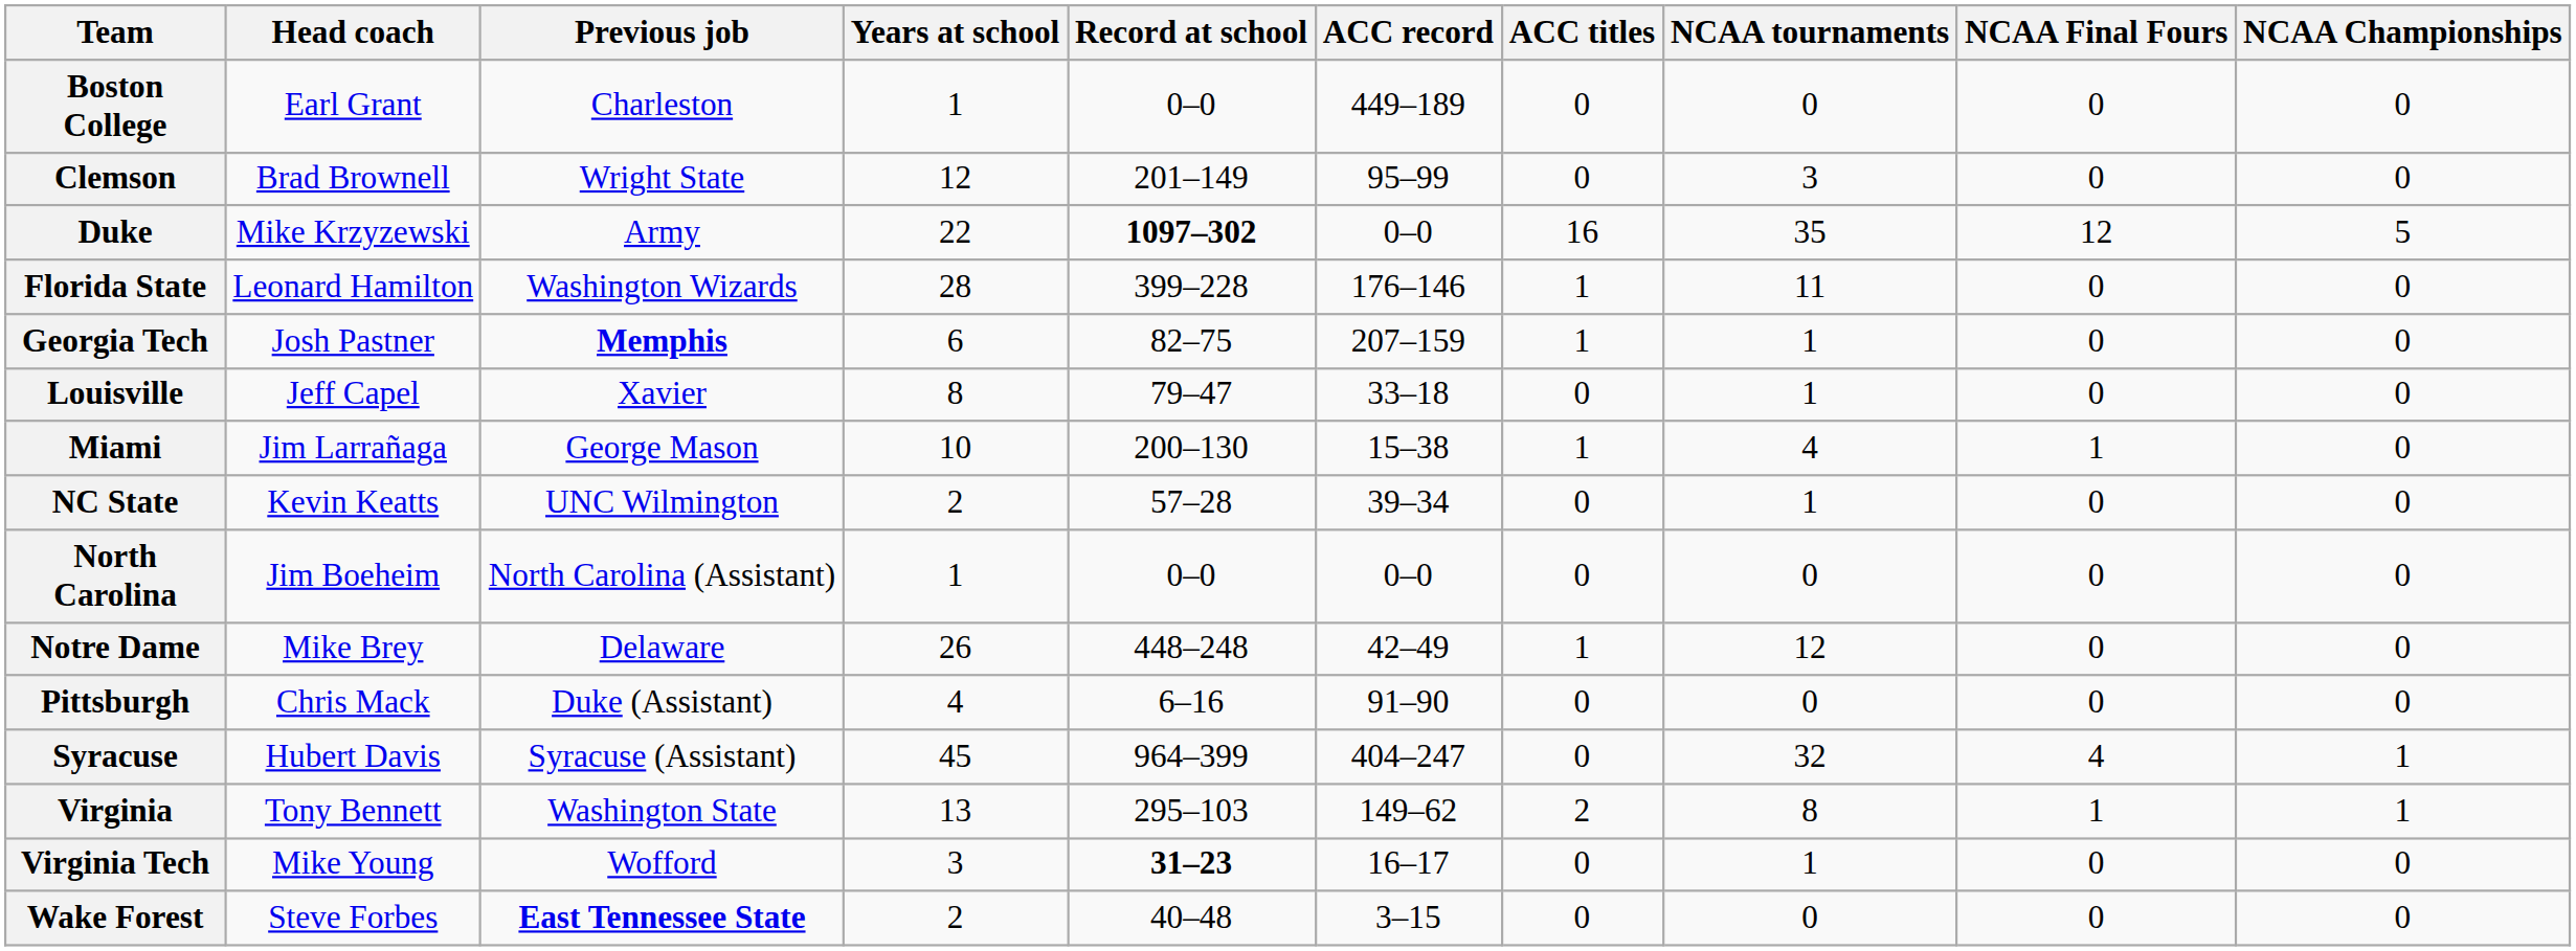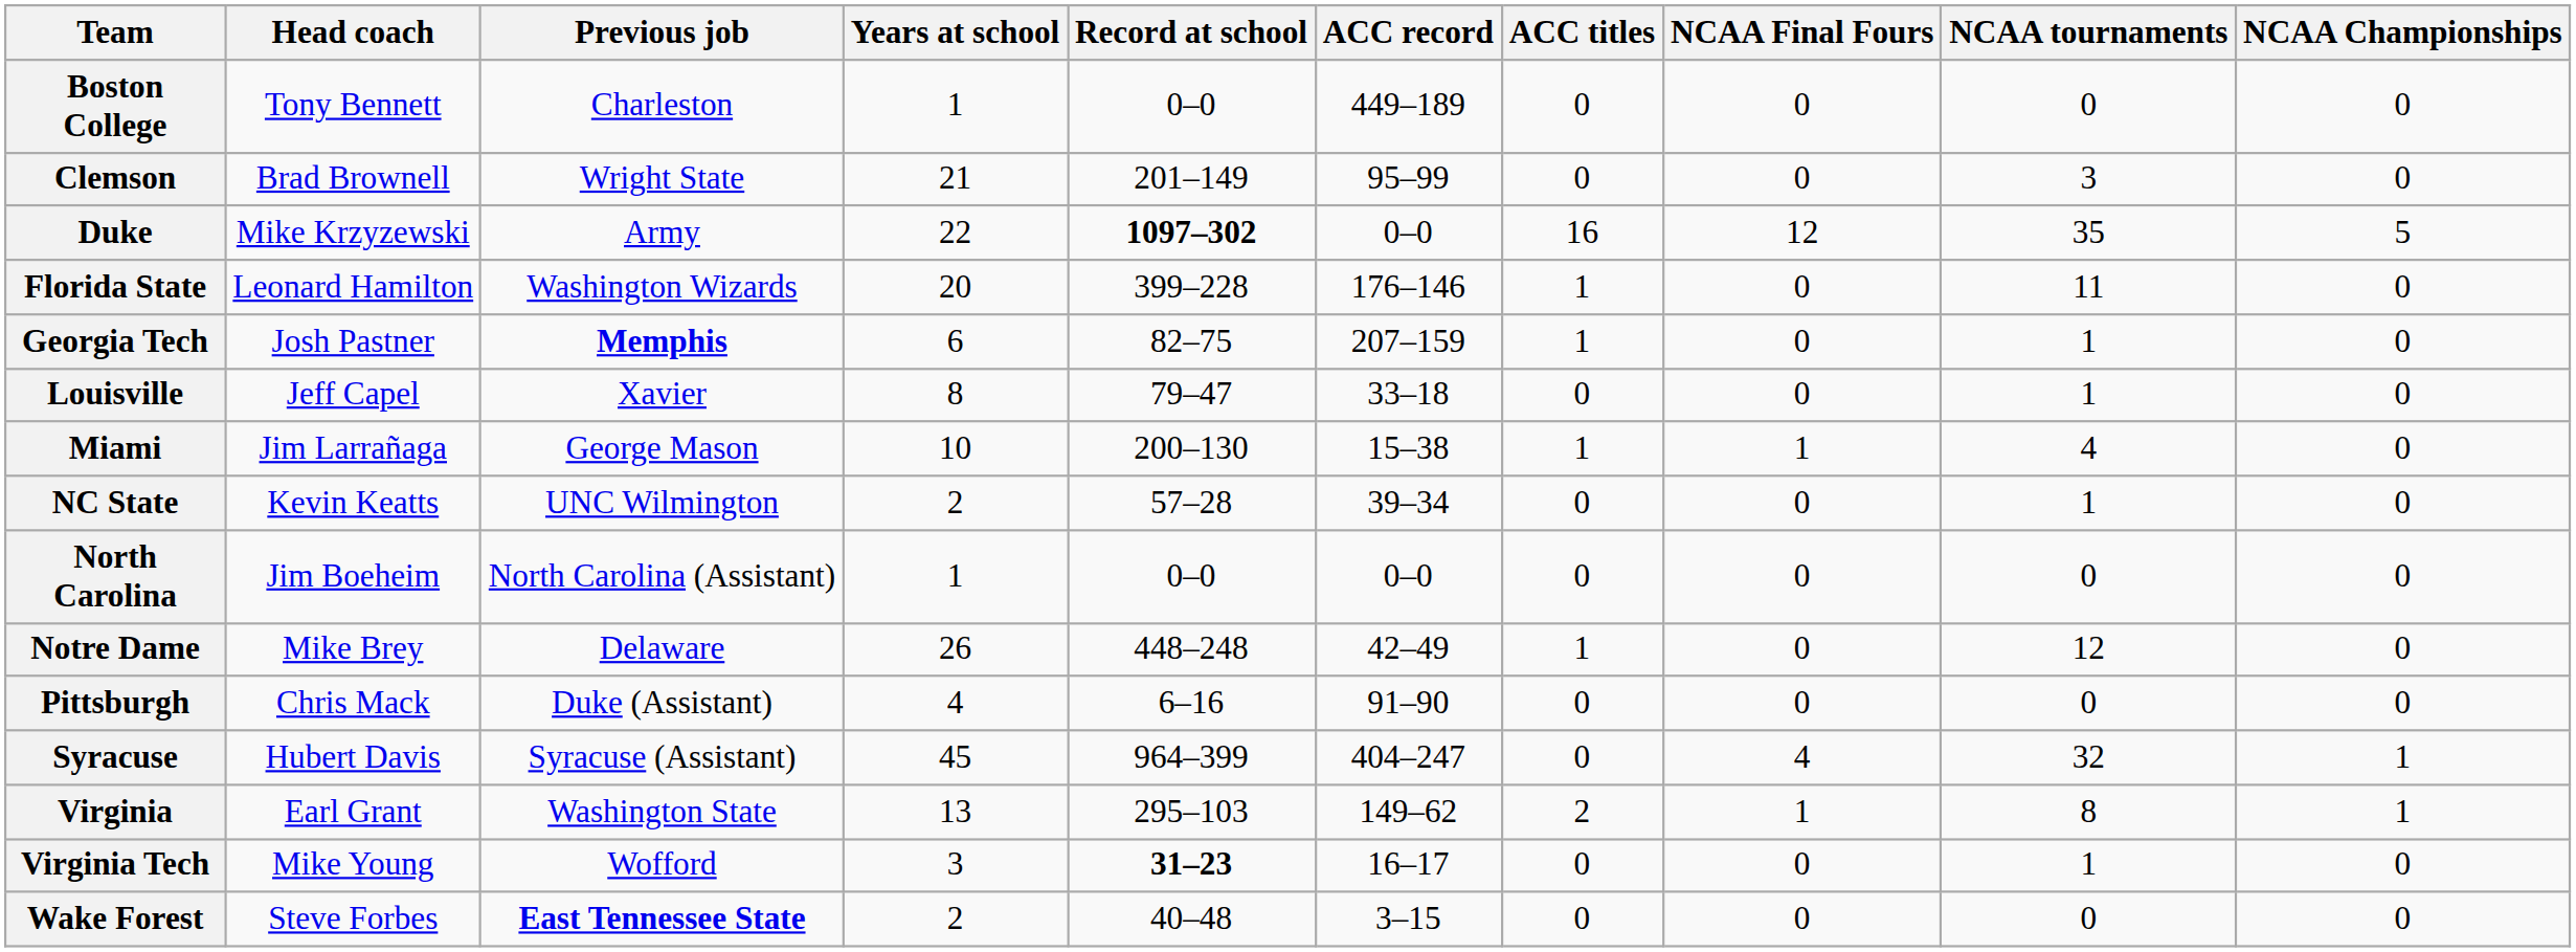 <table class="wikitable sortable" style="text-align: center;font-size:90%;">
 <tr>
 <th width="90">Team</th>
 <th>Head coach</th>
 <th>Previous job</th>
 <th>Years at school</th>
 <th>Record at school</th>
 <th>ACC record</th>
 <th>ACC titles</th>
+<th>NCAA Final Fours</th>
 <th>NCAA tournaments</th>
-<th>NCAA Final Fours</th>
 <th>NCAA Championships</th>
 </tr>
 <tr>
 <th style=>Boston College</th>
-<td><a href='#'>Earl Grant</a></td>
+<td><a href='#'>Tony Bennett</a></td>
 <td><a href='#'>Charleston</a></td>
 <td>1</td>
 <td>0–0</td>
 <td>449–189</td>
 <td>0</td>
 <td>0</td>
 <td>0</td>
 <td>0</td>
 </tr>
 <tr>
 <th>Clemson</th>
 <td><a href='#'>Brad Brownell</a></td>
 <td><a href='#'>Wright State</a></td>
-<td>12</td>
+<td>21</td>
 <td>201–149</td>
 <td>95–99</td>
 <td>0</td>
+<td>0</td>
 <td>3</td>
-<td>0</td>
 <td>0</td>
 </tr>
 <tr>
 <th>Duke</th>
 <td><a href='#'>Mike Krzyzewski</a></td>
 <td><a href='#'>Army</a></td>
 <td>22</td>
 <td><strong>1097–302</strong></td>
 <td>0–0</td>
 <td>16</td>
+<td>12</td>
 <td>35</td>
-<td>12</td>
 <td>5</td>
 </tr>
 <tr>
 <th style=>Florida State</th>
 <td><a href='#'>Leonard Hamilton</a></td>
 <td><a href='#'>Washington Wizards</a></td>
-<td>28</td>
+<td>20</td>
 <td>399–228</td>
 <td>176–146</td>
 <td>1</td>
+<td>0</td>
 <td>11</td>
-<td>0</td>
 <td>0</td>
 </tr>
 <tr>
 <th>Georgia Tech</th>
 <td><a href='#'>Josh Pastner</a></td>
 <td><strong><a href='#'>Memphis</a></strong></td>
 <td>6</td>
 <td>82–75</td>
 <td>207–159</td>
 <td>1</td>
+<td>0</td>
 <td>1</td>
-<td>0</td>
 <td>0</td>
 </tr>
 <tr>
 <th>Louisville</th>
 <td><a href='#'>Jeff Capel</a></td>
 <td><a href='#'>Xavier</a></td>
 <td>8</td>
 <td>79–47</td>
 <td>33–18</td>
 <td>0</td>
+<td>0</td>
 <td>1</td>
-<td>0</td>
 <td>0</td>
 </tr>
 <tr>
 <th>Miami</th>
 <td><a href='#'>Jim Larrañaga</a></td>
 <td><a href='#'>George Mason</a></td>
 <td>10</td>
 <td>200–130</td>
 <td>15–38</td>
 <td>1</td>
+<td>1</td>
 <td>4</td>
-<td>1</td>
 <td>0</td>
 </tr>
 <tr>
 <th>NC State</th>
 <td><a href='#'>Kevin Keatts</a></td>
 <td><a href='#'>UNC Wilmington</a></td>
 <td>2</td>
 <td>57–28</td>
 <td>39–34</td>
 <td>0</td>
+<td>0</td>
 <td>1</td>
-<td>0</td>
 <td>0</td>
 </tr>
 <tr>
 <th>North Carolina</th>
 <td><a href='#'>Jim Boeheim</a></td>
 <td><a href='#'>North Carolina</a> (Assistant)</td>
 <td>1</td>
 <td>0–0</td>
 <td>0–0</td>
 <td>0</td>
 <td>0</td>
 <td>0</td>
 <td>0</td>
 </tr>
 <tr>
 <th style=>Notre Dame</th>
 <td><a href='#'>Mike Brey</a></td>
 <td><a href='#'>Delaware</a></td>
 <td>26</td>
 <td>448–248</td>
 <td>42–49</td>
 <td>1</td>
+<td>0</td>
 <td>12</td>
-<td>0</td>
 <td>0</td>
 </tr>
 <tr>
 <th style=>Pittsburgh</th>
 <td><a href='#'>Chris Mack</a></td>
 <td><a href='#'>Duke</a> (Assistant)</td>
 <td>4</td>
 <td>6–16</td>
 <td>91–90</td>
 <td>0</td>
 <td>0</td>
 <td>0</td>
 <td>0</td>
 </tr>
 <tr>
 <th style=>Syracuse</th>
 <td><a href='#'>Hubert Davis</a></td>
 <td><a href='#'>Syracuse</a> (Assistant)</td>
 <td>45</td>
 <td>964–399</td>
 <td>404–247</td>
 <td>0</td>
+<td>4</td>
 <td>32</td>
-<td>4</td>
 <td>1</td>
 </tr>
 <tr>
 <th>Virginia</th>
-<td><a href='#'>Tony Bennett</a></td>
+<td><a href='#'>Earl Grant</a></td>
 <td><a href='#'>Washington State</a></td>
 <td>13</td>
 <td>295–103</td>
 <td>149–62</td>
 <td>2</td>
+<td>1</td>
 <td>8</td>
-<td>1</td>
 <td>1</td>
 </tr>
 <tr>
 <th>Virginia Tech</th>
 <td><a href='#'>Mike Young</a></td>
 <td><a href='#'>Wofford</a></td>
 <td>3</td>
 <td><strong>31–23</strong></td>
 <td>16–17</td>
 <td>0</td>
+<td>0</td>
 <td>1</td>
-<td>0</td>
 <td>0</td>
 </tr>
 <tr>
 <th style=>Wake Forest</th>
 <td><a href='#'>Steve Forbes</a></td>
 <td><strong><a href='#'>East Tennessee State</a></strong></td>
 <td>2</td>
 <td>40–48</td>
 <td>3–15</td>
 <td>0</td>
 <td>0</td>
 <td>0</td>
 <td>0</td>
 </tr>
 </table>
